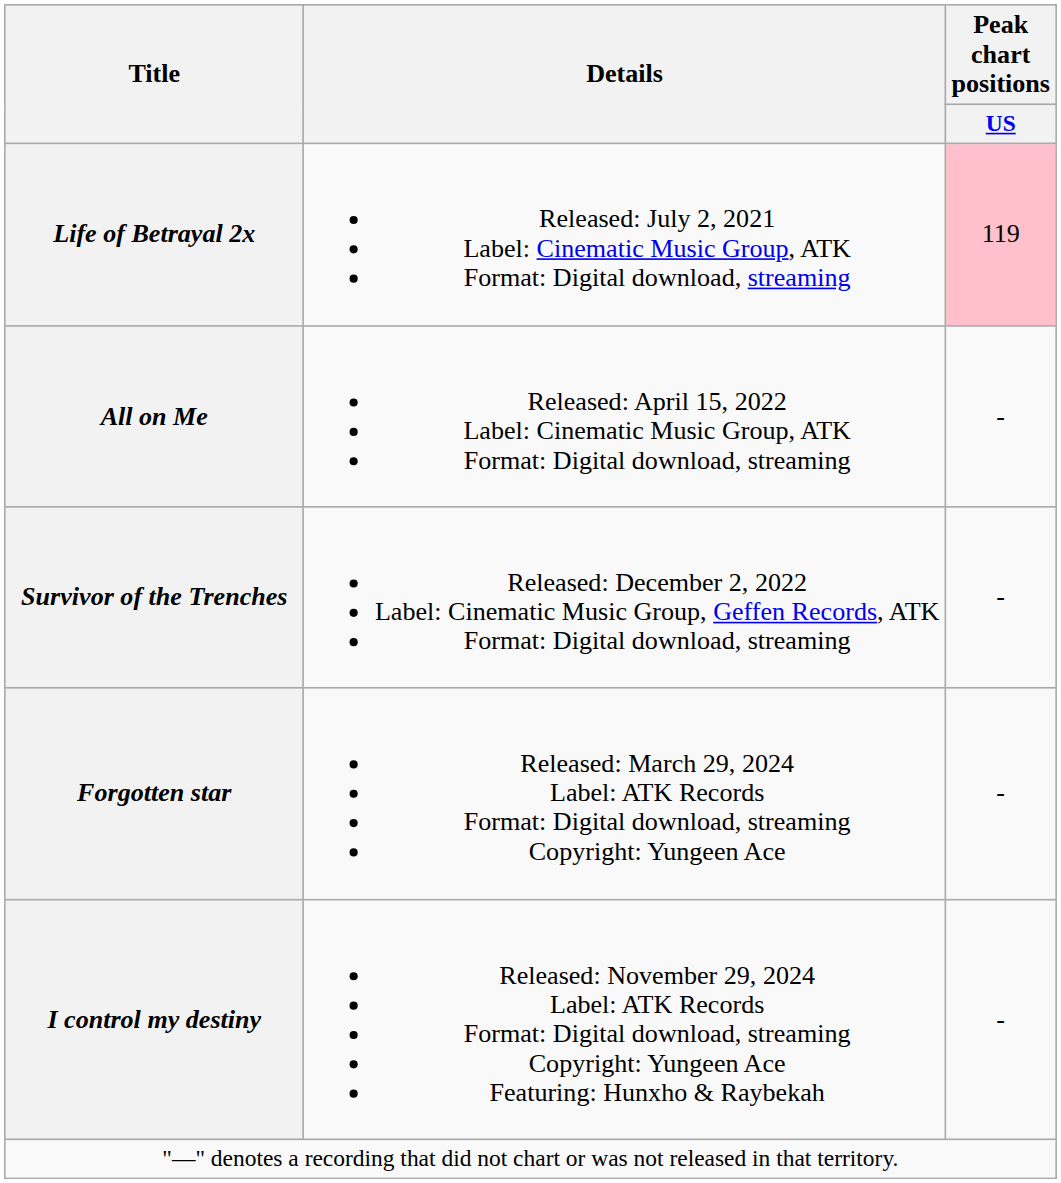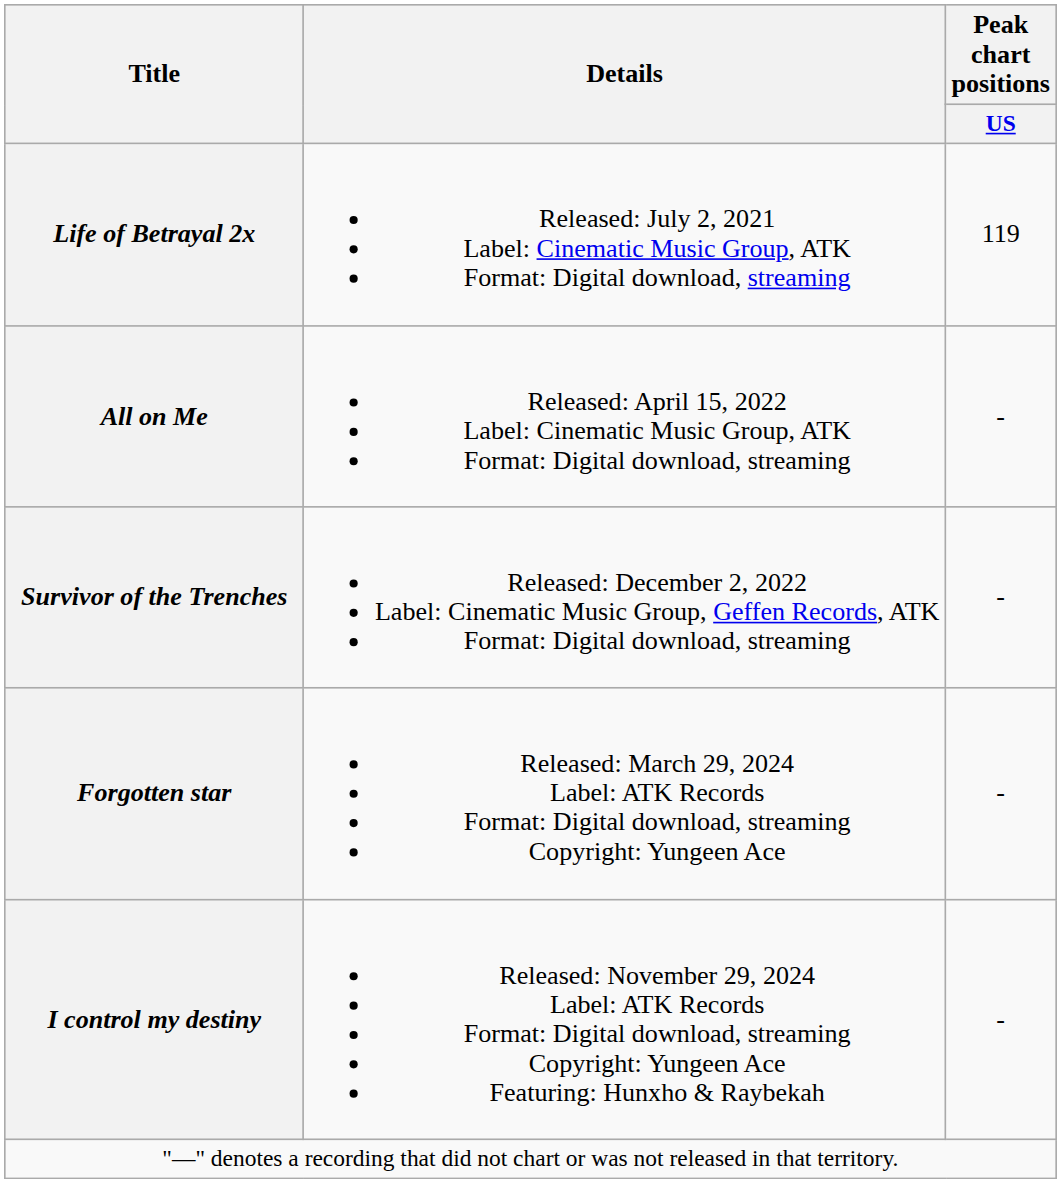 <table class="wikitable plainrowheaders" style="text-align:center;">
 <tr>
 <th scope="col" rowspan="2" style="width:11em;">Title</th>
 <th rowspan="2">Details</th>
 <th>Peak chart positions</th>
 </tr>
 <tr>
 <th scope="col" style="width:3em;font-size:90%;"><a href='#'>US</a> <br></th>
 </tr>
 <tr>
 <th scope="row"><em>Life of Betrayal 2x</em></th>
 <td><br><ul><li>Released: July 2, 2021</li><li>Label: <a href='#'>Cinematic Music Group</a>, ATK</li><li>Format: Digital download, <a href='#'>streaming</a></li></ul></td>
-<td style="background: pink;">119</td>
+<td>119</td>
 </tr>
 <tr>
 <th scope="row"><em>All on Me</em></th>
 <td><br><ul><li>Released: April 15, 2022</li><li>Label: Cinematic Music Group, ATK</li><li>Format: Digital download, streaming</li></ul></td>
 <td>-</td>
 </tr>
 <tr>
 <th scope="row"><em>Survivor of the Trenches</em></th>
 <td><br><ul><li>Released: December 2, 2022</li><li>Label: Cinematic Music Group, <a href='#'>Geffen Records</a>, ATK</li><li>Format: Digital download, streaming</li></ul></td>
 <td>-</td>
 </tr>
 <tr>
 <th scope="row"><em>Forgotten star</em> </th>
 <td><br><ul><li>Released: March 29, 2024</li><li>Label: ATK Records</li><li>Format: Digital download, streaming</li><li>Copyright: Yungeen Ace</li></ul></td>
 <td>-</td>
 </tr>
 <tr>
 <th scope="row"><em>I control my destiny</em> </th>
 <td><br><ul><li>Released: November 29, 2024</li><li>Label: ATK Records</li><li>Format: Digital download, streaming</li><li>Copyright: Yungeen Ace</li><li>Featuring: Hunxho & Raybekah</li></ul></td>
 <td>-</td>
 </tr>
 <tr>
 <td colspan="3" style="font-size:90%">"—" denotes a recording that did not chart or was not released in that territory.</td>
 </tr>
 </table>
